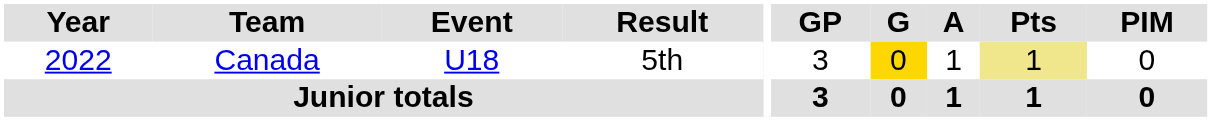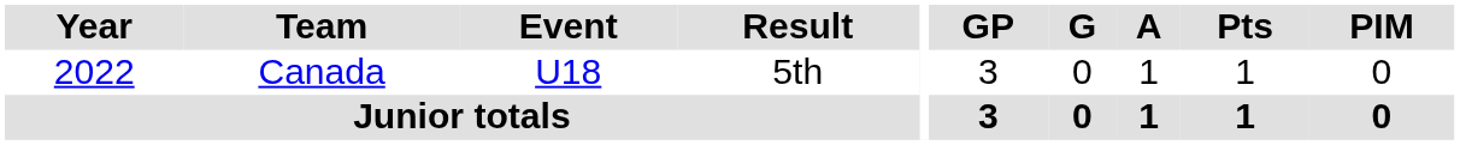 <table border="0" cellpadding="1" cellspacing="0" ID="Table3" style="text-align:center; width:40em;">
 <tr bgcolor="#e0e0e0">
 <th>Year</th>
 <th>Team</th>
 <th>Event</th>
 <th>Result</th>
 <th rowspan="99" bgcolor="#ffffff"></th>
 <th>GP</th>
 <th>G</th>
 <th>A</th>
 <th>Pts</th>
 <th>PIM</th>
 </tr>
 <tr>
 <td><a href='#'>2022</a></td>
 <td><a href='#'>Canada</a></td>
 <td><a href='#'>U18</a></td>
 <td>5th</td>
 <td>3</td>
-<td style="background: gold;">0</td>
+<td>0</td>
 <td>1</td>
-<td style="background: khaki;">1</td>
+<td>1</td>
 <td>0</td>
 </tr>
 <tr bgcolor="#e0e0e0">
 <th colspan="4">Junior totals</th>
 <th>3</th>
 <th>0</th>
 <th>1</th>
 <th>1</th>
 <th>0</th>
 </tr>
 </table>
